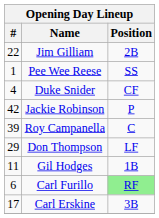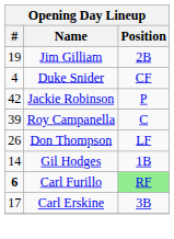 <table class="wikitable" style="text-align:center">
 <tr>
 <th colspan="3">Opening Day Lineup</th>
 </tr>
 <tr>
 <th>#</th>
 <th>Name</th>
 <th>Position</th>
 </tr>
 <tr>
-<td>22</td>
+<td>19</td>
 <td><a href='#'>Jim Gilliam</a></td>
 <td><a href='#'>2B</a></td>
-</tr>
-<tr>
-<td>1</td>
-<td><a href='#'>Pee Wee Reese</a></td>
-<td><a href='#'>SS</a></td>
 </tr>
 <tr>
 <td>4</td>
 <td><a href='#'>Duke Snider</a></td>
 <td><a href='#'>CF</a></td>
 </tr>
 <tr>
 <td>42</td>
 <td><a href='#'>Jackie Robinson</a></td>
 <td><a href='#'>P</a></td>
 </tr>
 <tr>
 <td>39</td>
 <td><a href='#'>Roy Campanella</a></td>
 <td><a href='#'>C</a></td>
 </tr>
 <tr>
-<td>29</td>
+<td>26</td>
 <td><a href='#'>Don Thompson</a></td>
 <td><a href='#'>LF</a></td>
 </tr>
 <tr>
-<td>11</td>
+<td>14</td>
 <td><a href='#'>Gil Hodges</a></td>
 <td><a href='#'>1B</a></td>
 </tr>
 <tr>
-<td>6</td>
+<td><strong>6</strong></td>
 <td><a href='#'>Carl Furillo</a></td>
 <td style="background: lightgreen;"><a href='#'>RF</a></td>
 </tr>
 <tr>
 <td>17</td>
 <td><a href='#'>Carl Erskine</a></td>
 <td><a href='#'>3B</a></td>
 </tr>
 <tr>
 </tr>
 </table>
